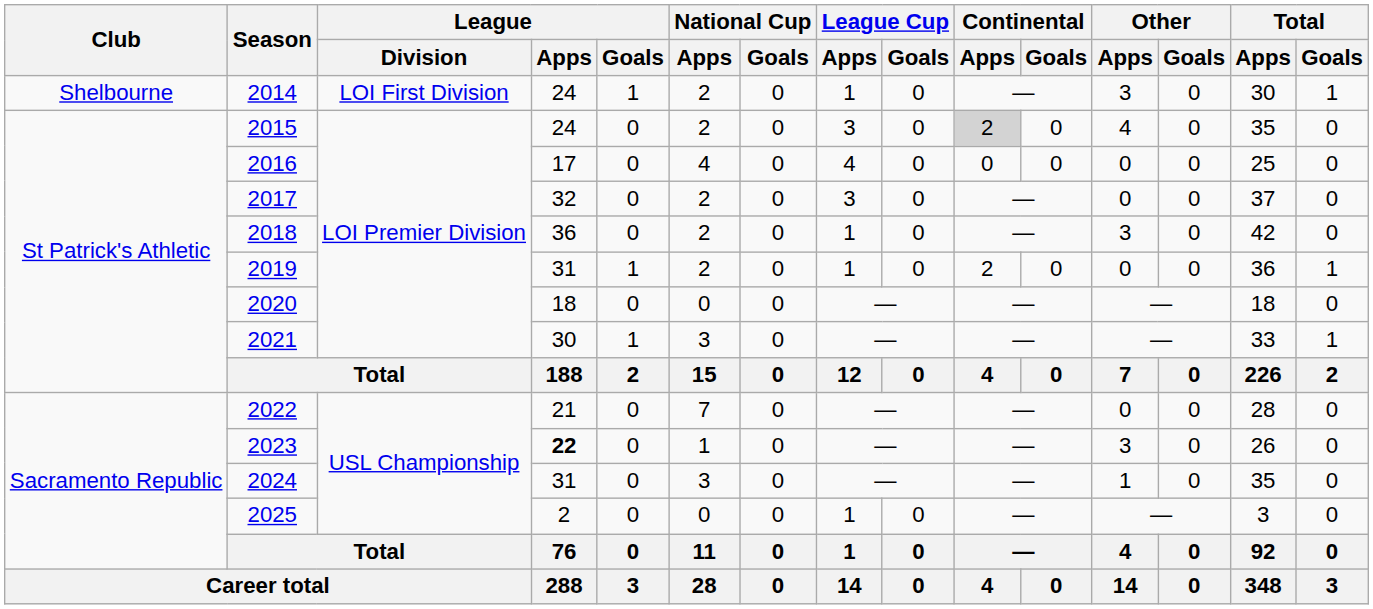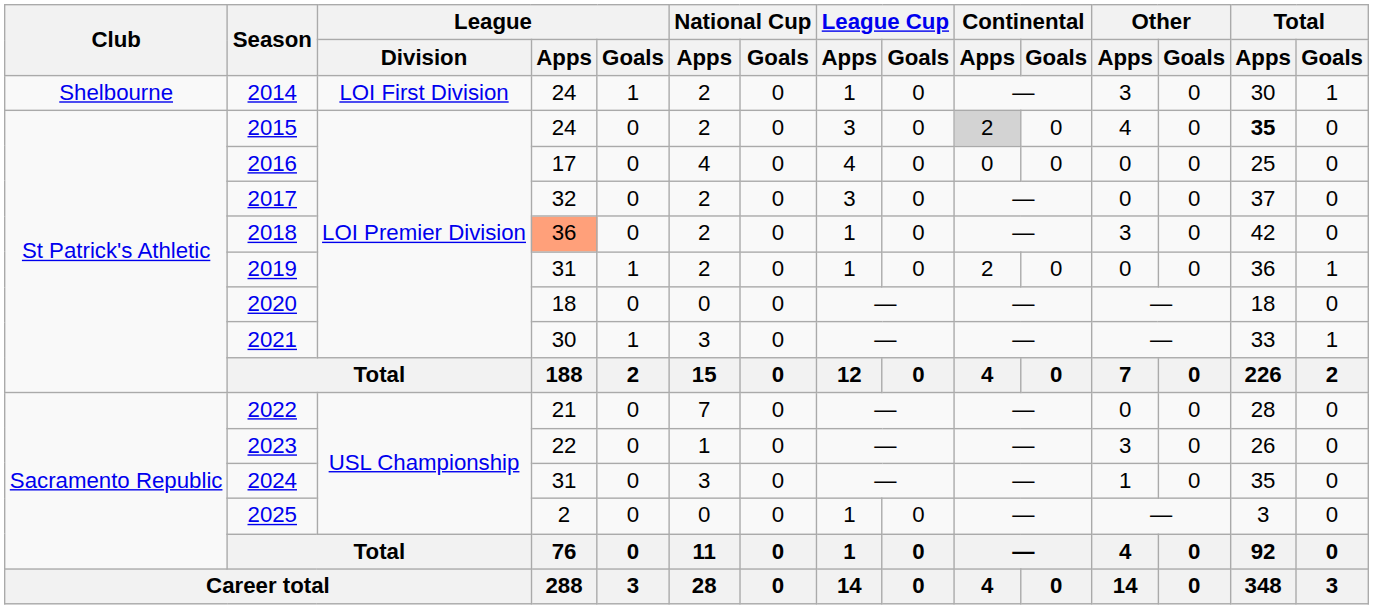 <table class="wikitable" style="text-align:center">
 <tr>
 <th rowspan="2">Club</th>
 <th rowspan="2">Season</th>
 <th colspan="3">League</th>
 <th colspan="2">National Cup</th>
 <th colspan="2"><a href='#'>League Cup</a></th>
 <th colspan="2">Continental</th>
 <th colspan="2">Other</th>
 <th colspan="2">Total</th>
 </tr>
 <tr>
 <th>Division</th>
 <th>Apps</th>
 <th>Goals</th>
 <th>Apps</th>
 <th>Goals</th>
 <th>Apps</th>
 <th>Goals</th>
 <th>Apps</th>
 <th>Goals</th>
 <th>Apps</th>
 <th>Goals</th>
 <th>Apps</th>
 <th>Goals</th>
 </tr>
 <tr>
 <td><a href='#'>Shelbourne</a></td>
 <td><a href='#'>2014</a></td>
 <td><a href='#'>LOI First Division</a></td>
 <td>24</td>
 <td>1</td>
 <td>2</td>
 <td>0</td>
 <td>1</td>
 <td>0</td>
 <td colspan="2">—</td>
 <td>3</td>
 <td>0</td>
 <td>30</td>
 <td>1</td>
 </tr>
 <tr>
 <td rowspan="8"><a href='#'>St Patrick's Athletic</a></td>
 <td><a href='#'>2015</a></td>
 <td rowspan="7"><a href='#'>LOI Premier Division</a></td>
 <td>24</td>
 <td>0</td>
 <td>2</td>
 <td>0</td>
 <td>3</td>
 <td>0</td>
 <td style="background: lightgrey;">2</td>
 <td>0</td>
 <td>4</td>
 <td>0</td>
-<td>35</td>
+<td><strong>35</strong></td>
 <td>0</td>
 </tr>
 <tr>
 <td><a href='#'>2016</a></td>
 <td>17</td>
 <td>0</td>
 <td>4</td>
 <td>0</td>
 <td>4</td>
 <td>0</td>
 <td>0</td>
 <td>0</td>
 <td>0</td>
 <td>0</td>
 <td>25</td>
 <td>0</td>
 </tr>
 <tr>
 <td><a href='#'>2017</a></td>
 <td>32</td>
 <td>0</td>
 <td>2</td>
 <td>0</td>
 <td>3</td>
 <td>0</td>
 <td colspan="2">—</td>
 <td>0</td>
 <td>0</td>
 <td>37</td>
 <td>0</td>
 </tr>
 <tr>
 <td><a href='#'>2018</a></td>
-<td>36</td>
+<td style="background: lightsalmon;">36</td>
 <td>0</td>
 <td>2</td>
 <td>0</td>
 <td>1</td>
 <td>0</td>
 <td colspan="2">—</td>
 <td>3</td>
 <td>0</td>
 <td>42</td>
 <td>0</td>
 </tr>
 <tr>
 <td><a href='#'>2019</a></td>
 <td>31</td>
 <td>1</td>
 <td>2</td>
 <td>0</td>
 <td>1</td>
 <td>0</td>
 <td>2</td>
 <td>0</td>
 <td>0</td>
 <td>0</td>
 <td>36</td>
 <td>1</td>
 </tr>
 <tr>
 <td><a href='#'>2020</a></td>
 <td>18</td>
 <td>0</td>
 <td>0</td>
 <td>0</td>
 <td colspan="2">—</td>
 <td colspan="2">—</td>
 <td colspan="2">—</td>
 <td>18</td>
 <td>0</td>
 </tr>
 <tr>
 <td><a href='#'>2021</a></td>
 <td>30</td>
 <td>1</td>
 <td>3</td>
 <td>0</td>
 <td colspan="2">—</td>
 <td colspan="2">—</td>
 <td colspan="2">—</td>
 <td>33</td>
 <td>1</td>
 </tr>
 <tr>
 <th colspan="2">Total</th>
 <th>188</th>
 <th>2</th>
 <th>15</th>
 <th>0</th>
 <th>12</th>
 <th>0</th>
 <th>4</th>
 <th>0</th>
 <th>7</th>
 <th>0</th>
 <th>226</th>
 <th>2</th>
 </tr>
 <tr>
 <td rowspan="5"><a href='#'>Sacramento Republic</a></td>
 <td><a href='#'>2022</a></td>
 <td rowspan="4"><a href='#'>USL Championship</a></td>
 <td>21</td>
 <td>0</td>
 <td>7</td>
 <td>0</td>
 <td colspan="2">—</td>
 <td colspan="2">—</td>
 <td>0</td>
 <td>0</td>
 <td>28</td>
 <td>0</td>
 </tr>
 <tr>
 <td><a href='#'>2023</a></td>
-<td><strong>22</strong></td>
+<td>22</td>
 <td>0</td>
 <td>1</td>
 <td>0</td>
 <td colspan="2">—</td>
 <td colspan="2">—</td>
 <td>3</td>
 <td>0</td>
 <td>26</td>
 <td>0</td>
 </tr>
 <tr>
 <td><a href='#'>2024</a></td>
 <td>31</td>
 <td>0</td>
 <td>3</td>
 <td>0</td>
 <td colspan="2">—</td>
 <td colspan="2">—</td>
 <td>1</td>
 <td>0</td>
 <td>35</td>
 <td>0</td>
 </tr>
 <tr>
 <td><a href='#'>2025</a></td>
 <td>2</td>
 <td>0</td>
 <td>0</td>
 <td>0</td>
 <td>1</td>
 <td>0</td>
 <td colspan="2">—</td>
 <td colspan="2">—</td>
 <td>3</td>
 <td>0</td>
 </tr>
 <tr>
 <th colspan="2">Total</th>
 <th>76</th>
 <th>0</th>
 <th>11</th>
 <th>0</th>
 <th>1</th>
 <th>0</th>
 <th colspan="2">—</th>
 <th>4</th>
 <th>0</th>
 <th>92</th>
 <th>0</th>
 </tr>
 <tr>
 <th colspan="3">Career total</th>
 <th>288</th>
 <th>3</th>
 <th>28</th>
 <th>0</th>
 <th>14</th>
 <th>0</th>
 <th>4</th>
 <th>0</th>
 <th>14</th>
 <th>0</th>
 <th>348</th>
 <th>3</th>
 </tr>
 </table>
